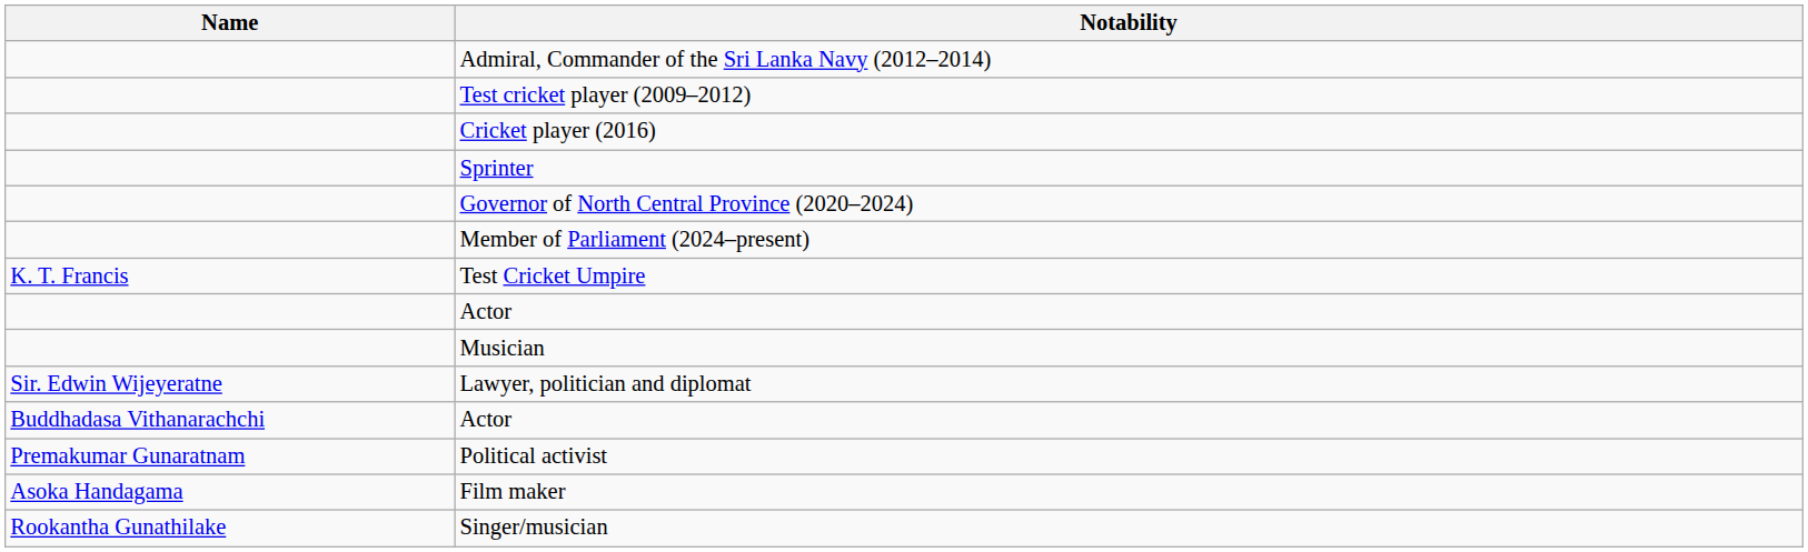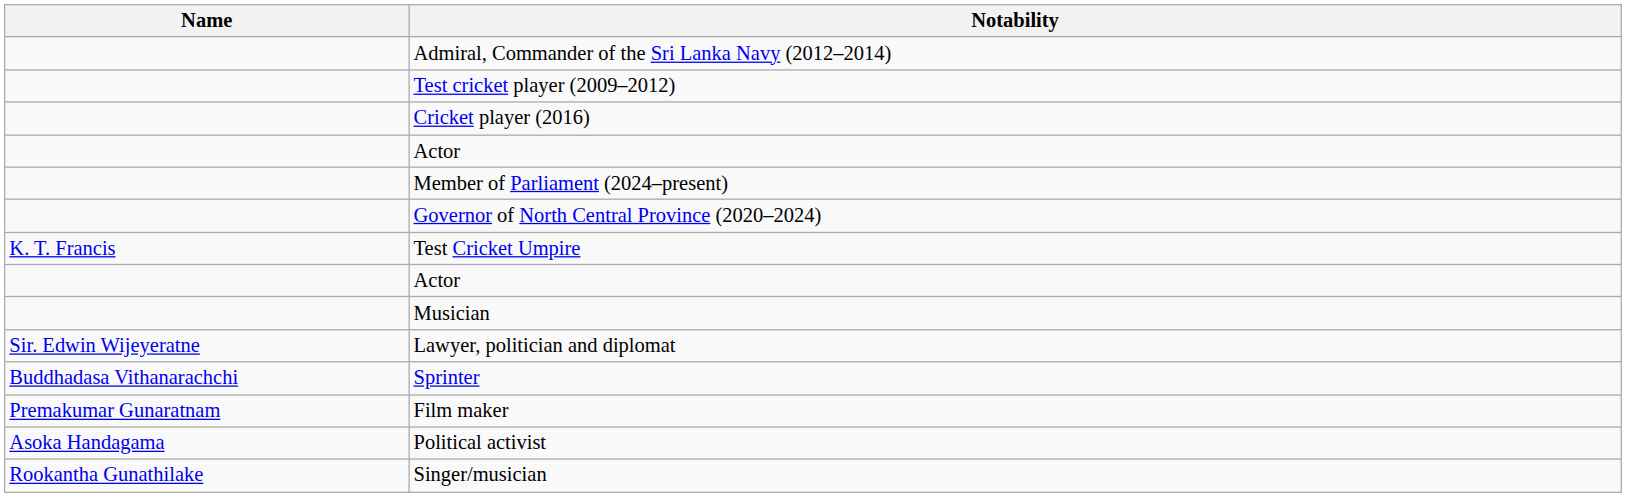 <table class="wikitable sortable" style="width:100%">
 <tr>
 <th style="width:auto;">Name</th>
 <th style="width:75%;" class="unsortable">Notability</th>
 </tr>
 <tr>
 <td></td>
 <td Admiral - Commander of the Navy>Admiral, Commander of the <a href='#'>Sri Lanka Navy</a> (2012–2014)</td>
 </tr>
 <tr>
 <td></td>
 <td><a href='#'>Test cricket</a> player (2009–2012)</td>
 </tr>
 <tr>
 <td></td>
 <td><a href='#'>Cricket</a> player (2016)</td>
 </tr>
 <tr>
 <td></td>
-<td><a href='#'>Sprinter</a></td>
+<td>Actor</td>
+</tr>
+<tr>
+<td></td>
+<td>Member of <a href='#'>Parliament</a> (2024–present)</td>
 </tr>
 <tr>
 <td></td>
 <td><a href='#'>Governor</a> of <a href='#'>North Central Province</a> (2020–2024)</td>
-</tr>
-<tr>
-<td></td>
-<td>Member of <a href='#'>Parliament</a> (2024–present)</td>
 </tr>
 <tr>
 <td><a href='#'>K. T. Francis</a></td>
 <td>Test <a href='#'>Cricket Umpire</a></td>
 </tr>
 <tr>
 <td></td>
 <td>Actor</td>
 </tr>
 <tr>
 <td></td>
 <td>Musician</td>
 </tr>
 <tr>
 <td><a href='#'>Sir. Edwin Wijeyeratne</a></td>
 <td>Lawyer, politician and diplomat</td>
 </tr>
 <tr>
 <td><a href='#'>Buddhadasa Vithanarachchi</a></td>
-<td>Actor</td>
+<td><a href='#'>Sprinter</a></td>
 </tr>
 <tr>
 <td><a href='#'>Premakumar Gunaratnam</a></td>
-<td>Political activist</td>
+<td>Film maker</td>
 </tr>
 <tr>
 <td><a href='#'>Asoka Handagama</a></td>
-<td>Film maker</td>
+<td>Political activist</td>
 </tr>
 <tr>
 <td><a href='#'>Rookantha Gunathilake</a></td>
 <td>Singer/musician</td>
 </tr>
 </table>
